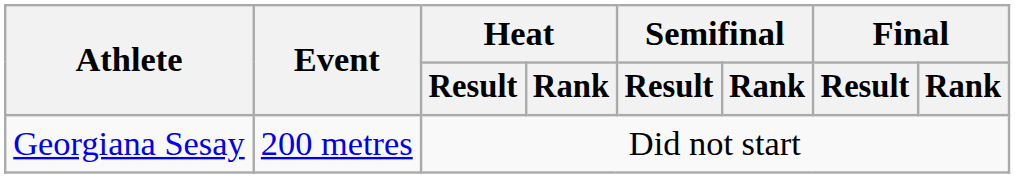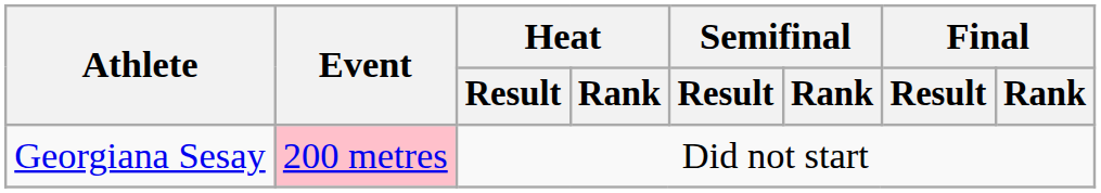 <table class="wikitable" style="font-size:90%">
 <tr>
 <th rowspan="2">Athlete</th>
 <th rowspan="2">Event</th>
 <th colspan="2">Heat</th>
 <th colspan="2">Semifinal</th>
 <th colspan="2">Final</th>
 </tr>
 <tr style="font-size:95%">
 <th>Result</th>
 <th>Rank</th>
 <th>Result</th>
 <th>Rank</th>
 <th>Result</th>
 <th>Rank</th>
 </tr>
 <tr align=center>
 <td align=left><a href='#'>Georgiana Sesay</a></td>
-<td align=left><a href='#'>200 metres</a></td>
+<td align=left style="background: pink;"><a href='#'>200 metres</a></td>
 <td colspan=6>Did not start</td>
 </tr>
 </table>
